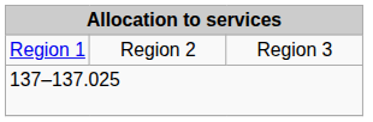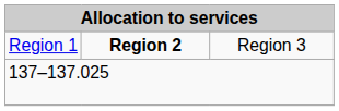 <table class=wikitable>
 <tr bgcolor="#CCCCCC" align="center">
 <td align="center" colspan="3"><strong>Allocation to services</strong></td>
 </tr>
 <tr align="center">
 <td align="center"><a href='#'>Region 1</a></td>
-<td>     Region 2     </td>
+<td><strong>     Region 2     </strong></td>
 <td>     Region 3     </td>
 </tr>
 <tr>
 <td colspan="3">137–137.025<br><br></td>
 </tr>
 <tr>
 </tr>
 </table>
